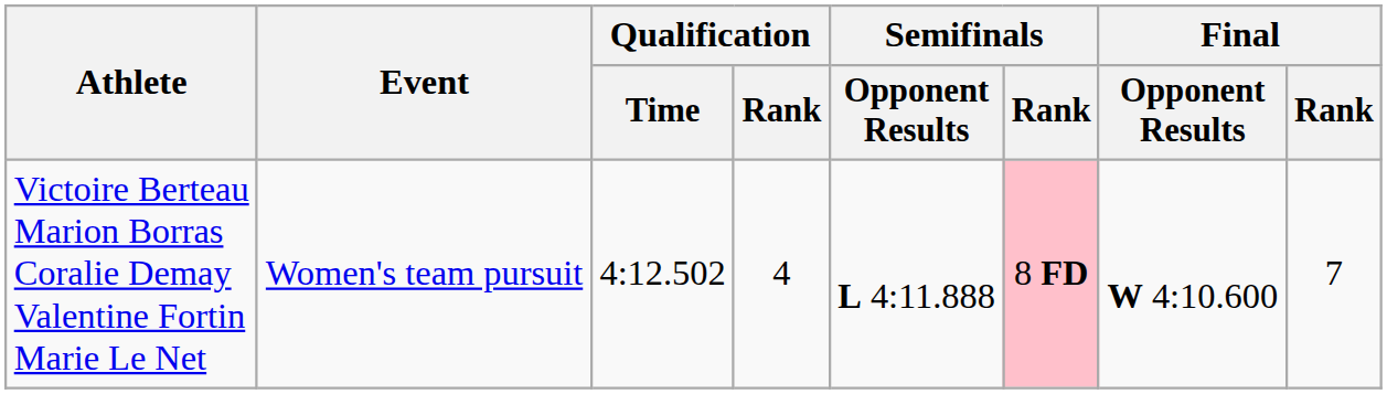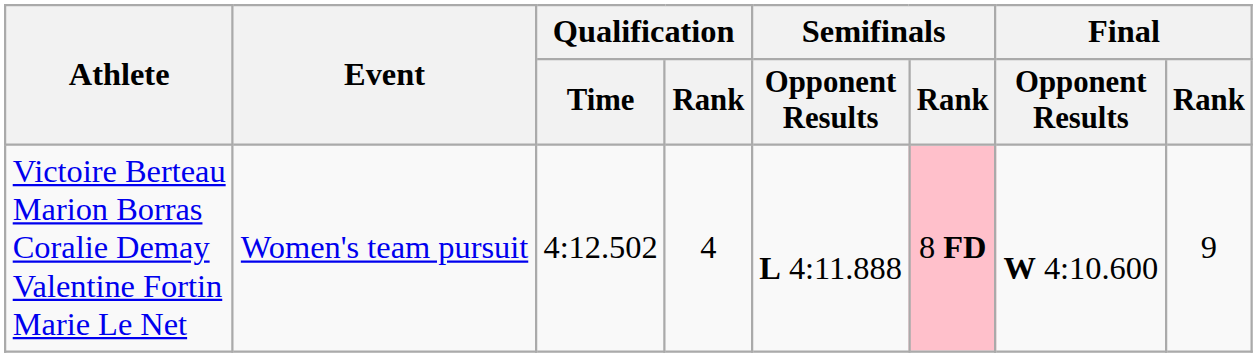 <table class="wikitable" style="font-size:90%">
 <tr>
 <th rowspan=2>Athlete</th>
 <th rowspan=2>Event</th>
 <th colspan=2>Qualification</th>
 <th colspan=2>Semifinals</th>
 <th colspan=2>Final</th>
 </tr>
 <tr style="font-size:95%">
 <th>Time</th>
 <th>Rank</th>
 <th>Opponent<br>Results</th>
 <th>Rank</th>
 <th>Opponent<br>Results</th>
 <th>Rank</th>
 </tr>
 <tr align=center>
 <td align=left><a href='#'>Victoire Berteau</a><br><a href='#'>Marion Borras</a><br><a href='#'>Coralie Demay</a><br><a href='#'>Valentine Fortin</a><br><a href='#'>Marie Le Net</a></td>
 <td align=left><a href='#'>Women's team pursuit</a></td>
 <td>4:12.502</td>
 <td>4</td>
 <td><br><strong>L</strong> 4:11.888</td>
 <td style="background: pink;">8 <strong>FD</strong></td>
 <td><br><strong>W</strong> 4:10.600</td>
-<td>7</td>
+<td>9</td>
 </tr>
 </table>
